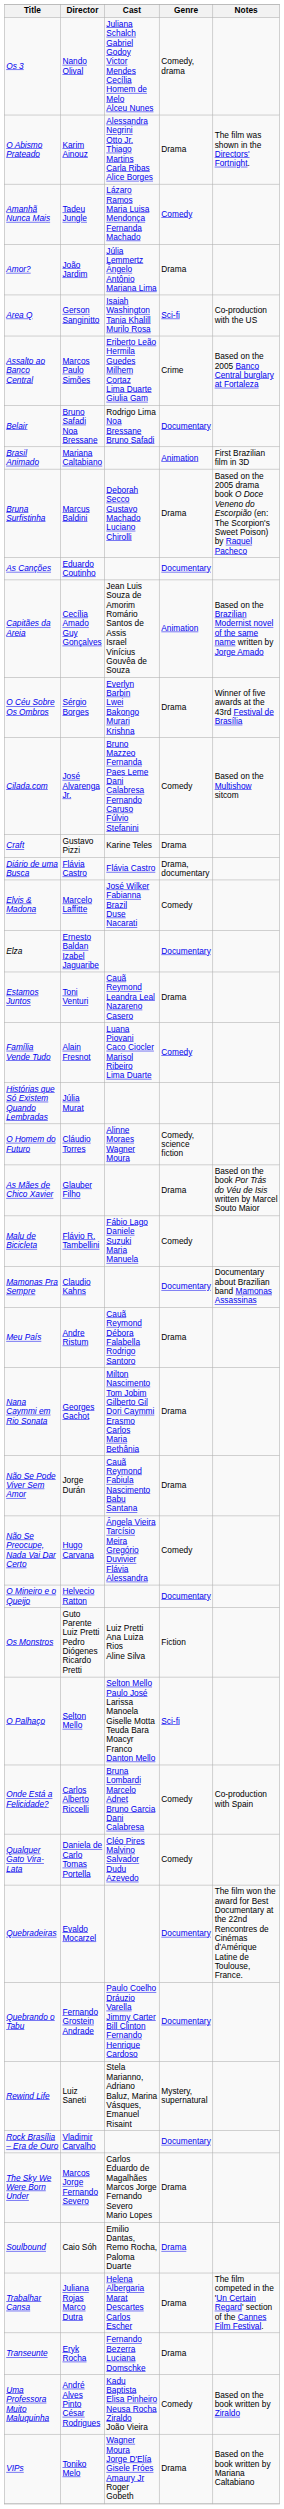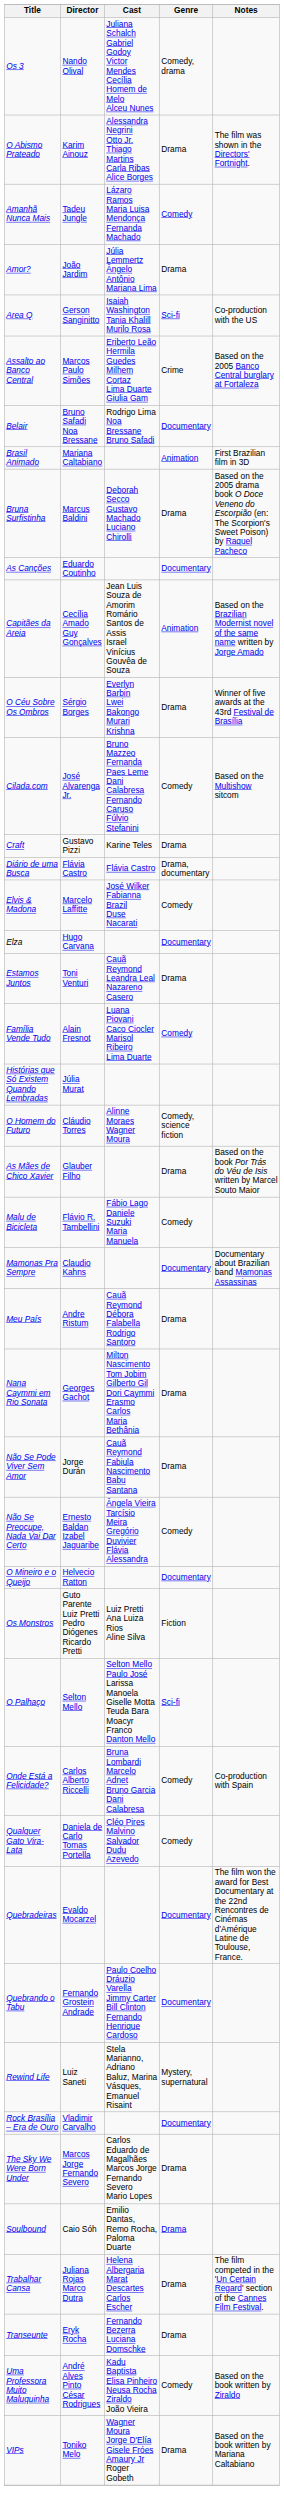 <table class="wikitable sortable" width= "85%">
 <tr>
 </tr>
 <tr>
 <th width=21%>Title</th>
 <th width=16%>Director</th>
 <th width=22%>Cast</th>
 <th width=13%>Genre</th>
 <th width=28%>Notes</th>
 </tr>
 <tr>
 <td><em><a href='#'>Os 3</a></em></td>
 <td><a href='#'>Nando Olival</a></td>
 <td><a href='#'>Juliana Schalch</a><br> <a href='#'>Gabriel Godoy</a><br><a href='#'>Victor Mendes</a><br><a href='#'>Cecília Homem de Melo</a><br><a href='#'>Alceu Nunes</a></td>
 <td>Comedy, drama</td>
 <td></td>
 </tr>
 <tr>
 <td><em><a href='#'>O Abismo Prateado</a></em></td>
 <td><a href='#'>Karim Ainouz</a></td>
 <td><a href='#'>Alessandra Negrini</a><br> <a href='#'>Otto Jr.</a><br><a href='#'>Thiago Martins</a><br><a href='#'>Carla Ribas</a><br><a href='#'>Alice Borges</a></td>
 <td>Drama</td>
 <td>The film was shown in the <a href='#'>Directors' Fortnight</a>.</td>
 </tr>
 <tr>
 <td><em><a href='#'>Amanhã Nunca Mais</a></em></td>
 <td><a href='#'>Tadeu Jungle</a></td>
 <td><a href='#'>Lázaro Ramos</a><br><a href='#'>Maria Luisa Mendonça</a><br><a href='#'>Fernanda Machado</a></td>
 <td><a href='#'>Comedy</a></td>
 <td></td>
 </tr>
 <tr>
 <td><em><a href='#'>Amor?</a></em></td>
 <td><a href='#'>João Jardim</a></td>
 <td><a href='#'>Júlia Lemmertz</a><br><a href='#'>Ângelo Antônio</a><br><a href='#'>Mariana Lima</a></td>
 <td>Drama</td>
 <td></td>
 </tr>
 <tr>
 <td><em><a href='#'>Area Q</a></em></td>
 <td><a href='#'>Gerson Sanginitto</a></td>
 <td><a href='#'>Isaiah Washington</a><br><a href='#'>Tania Khalill</a><br><a href='#'>Murilo Rosa</a></td>
 <td><a href='#'>Sci-fi</a></td>
 <td>Co-production with the US</td>
 </tr>
 <tr>
 <td><em><a href='#'>Assalto ao Banco Central</a></em></td>
 <td><a href='#'>Marcos Paulo Simões</a></td>
 <td><a href='#'>Eriberto Leão</a><br> <a href='#'>Hermila Guedes</a><br> <a href='#'>Milhem Cortaz</a><br> <a href='#'>Lima Duarte</a><br> <a href='#'>Giulia Gam</a></td>
 <td>Crime</td>
 <td>Based on the 2005 <a href='#'>Banco Central burglary at Fortaleza</a></td>
 </tr>
 <tr>
 <td><em><a href='#'>Belair</a></em></td>
 <td><a href='#'>Bruno Safadi</a> <br><a href='#'>Noa Bressane</a></td>
 <td>Rodrigo Lima<br> <a href='#'>Noa Bressane</a><br> <a href='#'>Bruno Safadi</a></td>
 <td><a href='#'>Documentary</a></td>
 <td></td>
 </tr>
 <tr>
 <td><em><a href='#'>Brasil Animado</a></em></td>
 <td><a href='#'>Mariana Caltabiano</a></td>
 <td></td>
 <td><a href='#'>Animation</a></td>
 <td>First Brazilian film in 3D</td>
 </tr>
 <tr>
 <td><em><a href='#'>Bruna Surfistinha</a></em></td>
 <td><a href='#'>Marcus Baldini</a></td>
 <td><a href='#'>Deborah Secco</a><br><a href='#'>Gustavo Machado</a><br><a href='#'>Luciano Chirolli</a></td>
 <td>Drama</td>
 <td>Based on the 2005 drama book <em>O Doce Veneno do Escorpião</em> (en: The Scorpion's Sweet Poison) by <a href='#'>Raquel Pacheco</a></td>
 </tr>
 <tr>
 <td><em><a href='#'>As Canções</a></em></td>
 <td><a href='#'>Eduardo Coutinho</a></td>
 <td></td>
 <td><a href='#'>Documentary</a></td>
 <td></td>
 </tr>
 <tr>
 <td><em><a href='#'>Capitães da Areia</a></em></td>
 <td><a href='#'>Cecília Amado</a><br> <a href='#'>Guy Gonçalves</a></td>
 <td>Jean Luis Souza de Amorim <br>Romário Santos de Assis<br>Israel Vinícius Gouvêa de Souza</td>
 <td><a href='#'>Animation</a></td>
 <td>Based on the <a href='#'>Brazilian Modernist novel of the same name</a> written by <a href='#'>Jorge Amado</a></td>
 </tr>
 <tr>
 <td><em><a href='#'>O Céu Sobre Os Ombros</a></em></td>
 <td><a href='#'>Sérgio Borges</a></td>
 <td><a href='#'>Everlyn Barbin</a><br><a href='#'>Lwei Bakongo</a><br><a href='#'>Murari Krishna</a></td>
 <td>Drama</td>
 <td>Winner of five awards at the 43rd <a href='#'>Festival de Brasília</a></td>
 </tr>
 <tr>
 <td><em><a href='#'>Cilada.com</a></em></td>
 <td><a href='#'>José Alvarenga Jr.</a></td>
 <td><a href='#'>Bruno Mazzeo</a><br><a href='#'>Fernanda Paes Leme</a><br><a href='#'>Dani Calabresa</a><br><a href='#'>Fernando Caruso</a><br><a href='#'>Fúlvio Stefanini</a></td>
 <td>Comedy</td>
 <td>Based on the <a href='#'>Multishow</a> sitcom</td>
 </tr>
 <tr>
 <td><em><a href='#'>Craft</a></em></td>
 <td>Gustavo Pizzi</td>
 <td>Karine Teles</td>
 <td>Drama</td>
 <td></td>
 </tr>
 <tr>
 <td><em><a href='#'>Diário de uma Busca</a></em></td>
 <td><a href='#'>Flávia Castro</a></td>
 <td><a href='#'>Flávia Castro</a></td>
 <td>Drama, documentary</td>
 <td></td>
 </tr>
 <tr>
 <td><em><a href='#'>Elvis & Madona</a></em></td>
 <td><a href='#'>Marcelo Laffitte</a></td>
 <td><a href='#'>José Wilker</a><br><a href='#'>Fabianna Brazil</a><br><a href='#'>Duse Nacarati</a></td>
 <td>Comedy</td>
 <td></td>
 </tr>
 <tr>
 <td><em>Elza</em></td>
-<td><a href='#'>Ernesto Baldan</a><br><a href='#'>Izabel Jaguaribe</a></td>
+<td><a href='#'>Hugo Carvana</a></td>
 <td></td>
 <td><a href='#'>Documentary</a></td>
 <td></td>
 </tr>
 <tr>
 <td><em><a href='#'>Estamos Juntos</a></em></td>
 <td><a href='#'>Toni Venturi</a></td>
 <td><a href='#'>Cauã Reymond</a><br> <a href='#'>Leandra Leal</a><br> <a href='#'>Nazareno Casero</a></td>
 <td>Drama</td>
 <td></td>
 </tr>
 <tr>
 <td><em><a href='#'>Família Vende Tudo</a></em></td>
 <td><a href='#'>Alain Fresnot</a></td>
 <td><a href='#'>Luana Piovani</a><br> <a href='#'>Caco Ciocler</a><br> <a href='#'>Marisol Ribeiro</a><br> <a href='#'>Lima Duarte</a></td>
 <td><a href='#'>Comedy</a></td>
 <td></td>
 </tr>
 <tr>
 <td><em><a href='#'>Histórias que Só Existem Quando Lembradas</a></em></td>
 <td><a href='#'>Júlia Murat</a></td>
 <td></td>
 <td></td>
 <td></td>
 </tr>
 <tr>
 <td><em><a href='#'>O Homem do Futuro</a></em></td>
 <td><a href='#'>Cláudio Torres</a></td>
 <td><a href='#'>Alinne Moraes</a><br> <a href='#'>Wagner Moura</a></td>
 <td>Comedy, science fiction</td>
 <td></td>
 </tr>
 <tr>
 <td><em><a href='#'>As Mães de Chico Xavier</a></em></td>
 <td><a href='#'>Glauber Filho</a></td>
 <td></td>
 <td>Drama</td>
 <td>Based on the book <em>Por Trás do Véu de Isis</em> written by Marcel Souto Maior</td>
 </tr>
 <tr>
 <td><em><a href='#'>Malu de Bicicleta</a></em></td>
 <td><a href='#'>Flávio R. Tambellini</a></td>
 <td><a href='#'>Fábio Lago</a><br><a href='#'>Daniele Suzuki</a><br><a href='#'>Maria Manuela</a></td>
 <td>Comedy</td>
 <td></td>
 </tr>
 <tr>
 <td><em><a href='#'>Mamonas Pra Sempre</a></em></td>
 <td><a href='#'>Claudio Kahns</a></td>
 <td></td>
 <td><a href='#'>Documentary</a></td>
 <td>Documentary about Brazilian band <a href='#'>Mamonas Assassinas</a></td>
 </tr>
 <tr>
 <td><em><a href='#'>Meu País</a></em></td>
 <td><a href='#'>Andre Ristum</a></td>
 <td><a href='#'>Cauã Reymond</a><br><a href='#'>Débora Falabella</a><br><a href='#'>Rodrigo Santoro</a></td>
 <td>Drama</td>
 <td></td>
 </tr>
 <tr>
 <td><em><a href='#'>Nana Caymmi em Rio Sonata</a></em></td>
 <td><a href='#'>Georges Gachot</a></td>
 <td><a href='#'>Milton Nascimento</a><br> <a href='#'>Tom Jobim</a><br> <a href='#'>Gilberto Gil</a><br> <a href='#'>Dori Caymmi</a><br><a href='#'>Erasmo Carlos</a><br><a href='#'>Maria Bethânia</a></td>
 <td>Drama</td>
 <td></td>
 </tr>
 <tr>
 <td><em><a href='#'>Não Se Pode Viver Sem Amor</a></em></td>
 <td>Jorge Durán</td>
 <td><a href='#'>Cauã Reymond</a><br><a href='#'>Fabiula Nascimento</a><br><a href='#'>Babu Santana</a></td>
 <td>Drama</td>
 <td></td>
 </tr>
 <tr>
 <td><em><a href='#'>Não Se Preocupe, Nada Vai Dar Certo</a></em></td>
-<td><a href='#'>Hugo Carvana</a></td>
+<td><a href='#'>Ernesto Baldan</a><br><a href='#'>Izabel Jaguaribe</a></td>
 <td><a href='#'>Ângela Vieira</a><br> <a href='#'>Tarcísio Meira</a><br> <a href='#'>Gregório Duvivier</a><br> <a href='#'>Flávia Alessandra</a></td>
 <td>Comedy</td>
 <td></td>
 </tr>
 <tr>
 <td><em><a href='#'>O Mineiro e o Queijo</a></em></td>
 <td><a href='#'>Helvecio Ratton</a></td>
 <td></td>
 <td><a href='#'>Documentary</a></td>
 <td></td>
 </tr>
 <tr>
 <td><em><a href='#'>Os Monstros</a></em></td>
 <td>Guto Parente<br> Luiz Pretti <br>Pedro Diógenes<br> Ricardo Pretti</td>
 <td>Luiz Pretti <br>Ana Luiza Rios<br> Aline Silva</td>
 <td>Fiction</td>
 <td></td>
 </tr>
 <tr>
 <td><em><a href='#'>O Palhaço</a></em></td>
 <td><a href='#'>Selton Mello</a></td>
 <td><a href='#'>Selton Mello</a><br> <a href='#'>Paulo José</a><br> Larissa Manoela<br> Giselle Motta<br> Teuda Bara<br>Moacyr Franco<br> <a href='#'>Danton Mello</a></td>
 <td><a href='#'>Sci-fi</a></td>
 <td></td>
 </tr>
 <tr>
 <td><em><a href='#'>Onde Está a Felicidade?</a></em></td>
 <td><a href='#'>Carlos Alberto Riccelli</a></td>
 <td><a href='#'>Bruna Lombardi</a><br> <a href='#'>Marcelo Adnet</a><br> <a href='#'>Bruno Garcia</a><br> <a href='#'>Dani Calabresa</a></td>
 <td>Comedy</td>
 <td>Co-production with Spain</td>
 </tr>
 <tr>
 <td><em><a href='#'>Qualquer Gato Vira-Lata</a></em></td>
 <td><a href='#'>Daniela de Carlo</a><br> <a href='#'>Tomas Portella</a></td>
 <td><a href='#'>Cléo Pires</a><br> <a href='#'>Malvino Salvador</a><br> <a href='#'>Dudu Azevedo</a></td>
 <td>Comedy</td>
 <td></td>
 </tr>
 <tr>
 <td><em><a href='#'>Quebradeiras</a></em></td>
 <td><a href='#'>Evaldo Mocarzel</a></td>
 <td></td>
 <td><a href='#'>Documentary</a></td>
 <td>The film won the award for Best Documentary at the 22nd Rencontres de Cinémas d’Amérique Latine de Toulouse, France.</td>
 </tr>
 <tr>
 <td><em><a href='#'>Quebrando o Tabu</a></em></td>
 <td><a href='#'>Fernando Grostein Andrade</a></td>
 <td><a href='#'>Paulo Coelho</a><br> <a href='#'>Dráuzio Varella</a><br><a href='#'>Jimmy Carter</a><br><a href='#'>Bill Clinton</a><br><a href='#'>Fernando Henrique Cardoso</a></td>
 <td><a href='#'>Documentary</a></td>
 <td></td>
 </tr>
 <tr>
 <td><em><a href='#'>Rewind Life</a></em></td>
 <td>Luiz Saneti</td>
 <td>Stela Marianno, Adriano Baluz, Marina Vásques, Emanuel Risaint</td>
 <td>Mystery, supernatural</td>
 <td></td>
 </tr>
 <tr>
 <td><em><a href='#'>Rock Brasília – Era de Ouro</a></em></td>
 <td><a href='#'>Vladimir Carvalho</a></td>
 <td></td>
 <td><a href='#'>Documentary</a></td>
 <td></td>
 </tr>
 <tr>
 <td><em><a href='#'>The Sky We Were Born Under</a></em></td>
 <td><a href='#'>Marcos Jorge</a><br><a href='#'>Fernando Severo</a></td>
 <td>Carlos Eduardo de Magalhães<br> Marcos Jorge<br> Fernando Severo<br> Mario Lopes</td>
 <td>Drama</td>
 <td></td>
 </tr>
 <tr>
 <td><em><a href='#'>Soulbound</a></em></td>
 <td>Caio Sóh</td>
 <td>Emilio Dantas, Remo Rocha, Paloma Duarte</td>
 <td><a href='#'>Drama</a></td>
 <td></td>
 </tr>
 <tr>
 <td><em><a href='#'>Trabalhar Cansa</a></em></td>
 <td><a href='#'>Juliana Rojas</a> <br> <a href='#'>Marco Dutra</a></td>
 <td><a href='#'>Helena Albergaria</a><br><a href='#'>Marat Descartes</a><br><a href='#'>Carlos Escher</a></td>
 <td>Drama</td>
 <td>The film competed in the '<a href='#'>Un Certain Regard</a>' section of the <a href='#'>Cannes Film Festival</a>.</td>
 </tr>
 <tr>
 <td><em><a href='#'>Transeunte</a></em></td>
 <td><a href='#'>Eryk Rocha</a></td>
 <td><a href='#'>Fernando Bezerra</a><br><a href='#'>Luciana Domschke</a></td>
 <td>Drama</td>
 <td></td>
 </tr>
 <tr>
 <td><em><a href='#'>Uma Professora Muito Maluquinha</a></em></td>
 <td><a href='#'>André Alves Pinto</a><br><a href='#'>César Rodrigues</a></td>
 <td><a href='#'>Kadu Baptista</a><br><a href='#'>Elisa Pinheiro</a><br><a href='#'>Neusa Rocha</a><br><a href='#'>Ziraldo</a><br>João Vieira</td>
 <td>Comedy</td>
 <td>Based on the book written by <a href='#'>Ziraldo</a></td>
 </tr>
 <tr>
 <td><em><a href='#'>VIPs</a></em></td>
 <td><a href='#'>Toniko Melo</a></td>
 <td><a href='#'>Wagner Moura</a><br><a href='#'>Jorge D'Elía</a><br><a href='#'>Gisele Fróes</a><br><a href='#'>Amaury Jr</a><br>Roger Gobeth</td>
 <td>Drama</td>
 <td>Based on the book written by Mariana Caltabiano</td>
 </tr>
 <tr>
 </tr>
 </table>
